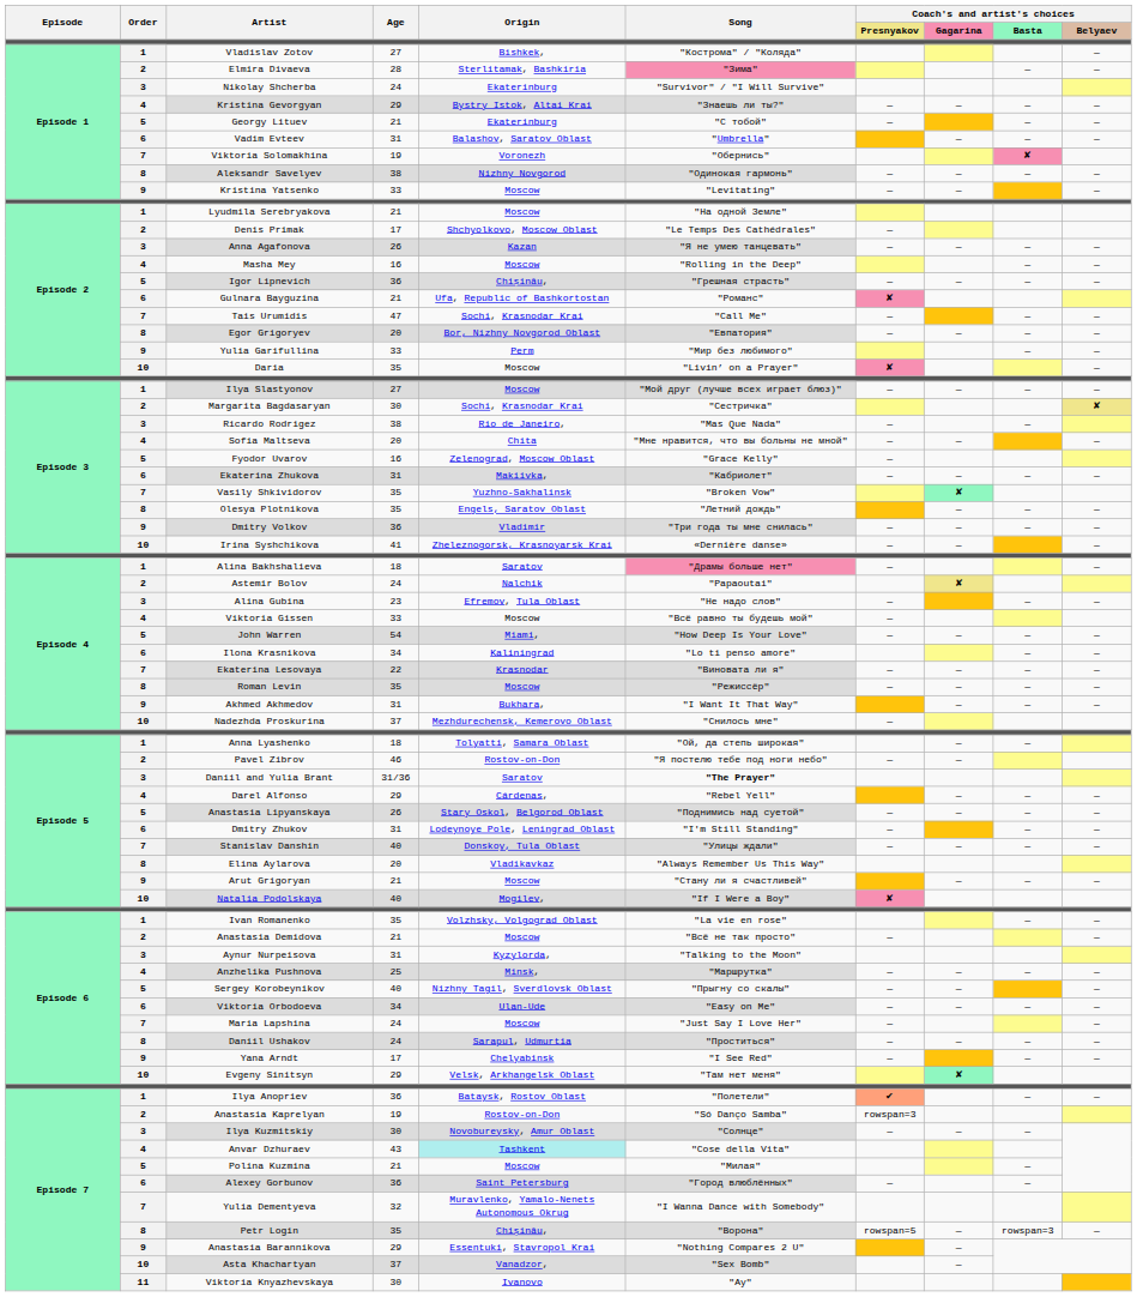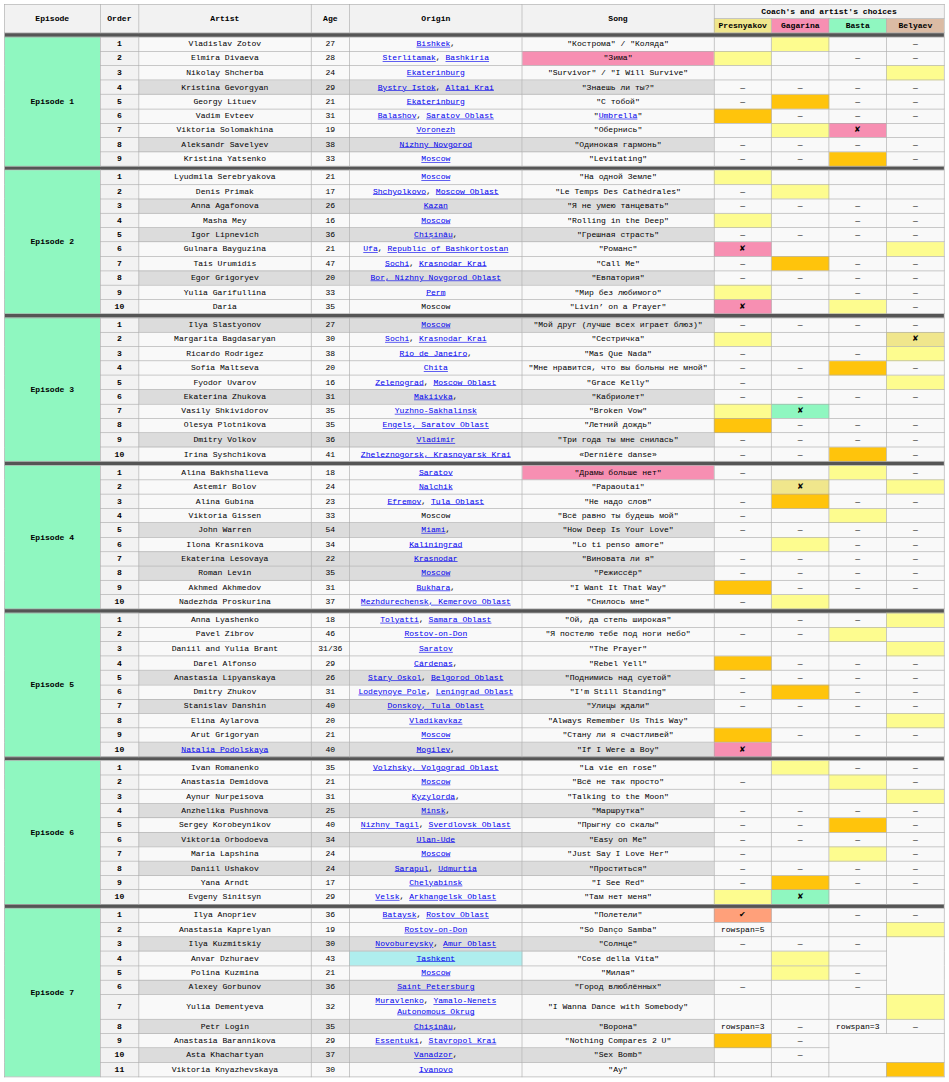 <table class="wikitable" style="text-align:center; line-height:17px; width:120%;">
 <tr>
 <th scope="col" rowspan=2 style="width:10%;">Episode</th>
 <th scope="col" rowspan=2 style="width:04%;">Order</th>
 <th scope="col" rowspan=2 style="width:18%;">Artist</th>
 <th scope="col" rowspan=2 style="width:04%;">Age</th>
 <th scope="col" rowspan=2 style="width:18%;">Origin</th>
 <th scope="col" rowspan=2 style="width:20%;">Song</th>
 <th scope="col" colspan=4 style="width:24%;">Coach's and artist's choices</th>
 </tr>
 <tr>
 <th style="background:khaki; width:6%">Presnyakov</th>
 <th style="background:#f78fb2; width:6%">Gagarina</th>
 <th style="background:#8ff7c0; width:6%">Basta</th>
 <th style="background:#dbbba4; width:6%">Belyaev</th>
 </tr>
 <tr>
 <td colspan="10" style="background:#555"></td>
 </tr>
 <tr>
 <td rowspan="9" style="background:#8ff7c0;"><strong>Episode 1</strong> <br></td>
 <th>1</th>
 <td>Vladislav Zotov</td>
 <td>27</td>
 <td><a href='#'>Bishkek</a>, </td>
 <td>"Кострома" / "Коляда"</td>
 <td><strong></strong></td>
 <td style="background:#fdfc8f;"><strong></strong></td>
 <td><strong></strong></td>
 <td>—</td>
 </tr>
 <tr>
 <th>2</th>
 <td>Elmira Divaeva</td>
 <td>28</td>
 <td><a href='#'>Sterlitamak</a>, <a href='#'>Bashkiria</a></td>
 <td style="background:#f78fb2;">"Зима"</td>
 <td style="background:#fdfc8f;"><strong></strong></td>
 <td><strong></strong></td>
 <td>—</td>
 <td>—</td>
 </tr>
 <tr>
 <th>3</th>
 <td>Nikolay Shcherba</td>
 <td>24</td>
 <td><a href='#'>Ekaterinburg</a></td>
 <td>"Survivor" / "I Will Survive"</td>
 <td><strong></strong></td>
 <td><strong></strong></td>
 <td><strong></strong></td>
 <td style="background:#fdfc8f;"><strong></strong></td>
 </tr>
 <tr>
 <th>4</th>
 <td style="background:#dcdcdc;">Kristina Gevorgyan</td>
 <td style="background:#dcdcdc;">29</td>
 <td style="background:#dcdcdc;"><a href='#'>Bystry Istok</a>, <a href='#'>Altai Krai</a></td>
 <td style="background:#dcdcdc;">"Знаешь ли ты?"</td>
 <td>—</td>
 <td>—</td>
 <td>—</td>
 <td>—</td>
 </tr>
 <tr>
 <th>5</th>
 <td>Georgy Lituev</td>
 <td>21</td>
 <td><a href='#'>Ekaterinburg</a></td>
 <td>"С тобой"</td>
 <td>—</td>
 <td style="background:#ffc40c;"><strong></strong></td>
 <td>—</td>
 <td>—</td>
 </tr>
 <tr>
 <th>6</th>
 <td>Vadim Evteev</td>
 <td>31</td>
 <td><a href='#'>Balashov</a>, <a href='#'>Saratov Oblast</a></td>
 <td>"<a href='#'>Umbrella</a>"</td>
 <td style="background:#ffc40c;"><strong></strong></td>
 <td>—</td>
 <td>—</td>
 <td>—</td>
 </tr>
 <tr>
 <th>7</th>
 <td>Viktoria Solomakhina</td>
 <td>19</td>
 <td><a href='#'>Voronezh</a></td>
 <td>"Обернись"</td>
 <td><strong></strong></td>
 <td style="background:#fdfc8f;"><strong></strong></td>
 <td bgcolor="#f78fb2">✘</td>
 <td><strong></strong></td>
 </tr>
 <tr>
 <th>8</th>
 <td style="background:#dcdcdc;">Aleksandr Savelyev</td>
 <td style="background:#dcdcdc;">38</td>
 <td style="background:#dcdcdc;"><a href='#'>Nizhny Novgorod</a></td>
 <td style="background:#dcdcdc;">"Одинокая гармонь"</td>
 <td>—</td>
 <td>—</td>
 <td>—</td>
 <td>—</td>
 </tr>
 <tr>
 <th>9</th>
 <td>Kristina Yatsenko</td>
 <td>33</td>
 <td><a href='#'>Moscow</a></td>
 <td>"Levitating"</td>
 <td>—</td>
 <td>—</td>
 <td style="background:#ffc40c;"><strong></strong></td>
 <td>—</td>
 </tr>
 <tr>
 <td colspan="10" style="background:#555"></td>
 </tr>
 <tr>
 <td rowspan=10 style="background:#8ff7c0;"><strong>Episode 2</strong> <br></td>
 <th>1</th>
 <td>Lyudmila Serebryakova</td>
 <td>21</td>
 <td><a href='#'>Moscow</a></td>
 <td>"На одной Земле"</td>
 <td style="background:#fdfc8f;"><strong></strong></td>
 <td><strong></strong></td>
 <td><strong></strong></td>
 <td><strong></strong></td>
 </tr>
 <tr>
 <th>2</th>
 <td>Denis Primak</td>
 <td>17</td>
 <td><a href='#'>Shchyolkovo</a>, <a href='#'>Moscow Oblast</a></td>
 <td>"Le Temps Des Cathédrales"</td>
 <td>—</td>
 <td style="background:#fdfc8f;"><strong></strong></td>
 <td><strong></strong></td>
 <td><strong></strong></td>
 </tr>
 <tr>
 <th>3</th>
 <td style="background:#dcdcdc;">Anna Agafonova</td>
 <td style="background:#dcdcdc;">26</td>
 <td style="background:#dcdcdc;"><a href='#'>Kazan</a></td>
 <td style="background:#dcdcdc;">"Я не умею танцевать"</td>
 <td>—</td>
 <td>—</td>
 <td>—</td>
 <td>—</td>
 </tr>
 <tr>
 <th>4</th>
 <td>Masha Mey</td>
 <td>16</td>
 <td><a href='#'>Moscow</a></td>
 <td>"Rolling in the Deep"</td>
 <td style="background:#fdfc8f;"><strong></strong></td>
 <td><strong></strong></td>
 <td>—</td>
 <td>—</td>
 </tr>
 <tr>
 <th>5</th>
 <td style="background:#dcdcdc;">Igor Lipnevich</td>
 <td style="background:#dcdcdc;">36</td>
 <td style="background:#dcdcdc;"><a href='#'>Chișinău</a>, </td>
 <td style="background:#dcdcdc;">"Грешная страсть"</td>
 <td>—</td>
 <td>—</td>
 <td>—</td>
 <td>—</td>
 </tr>
 <tr>
 <th>6</th>
 <td>Gulnara Bayguzina</td>
 <td>21</td>
 <td><a href='#'>Ufa</a>, <a href='#'>Republic of Bashkortostan</a></td>
 <td>"Романс"</td>
 <td bgcolor="#f78fb2">✘</td>
 <td><strong></strong></td>
 <td><strong></strong></td>
 <td style="background:#fdfc8f;"><strong></strong></td>
 </tr>
 <tr>
 <th>7</th>
 <td>Tais Urumidis</td>
 <td>47</td>
 <td><a href='#'>Sochi</a>, <a href='#'>Krasnodar Krai</a></td>
 <td>"Call Me"</td>
 <td>—</td>
 <td style="background:#ffc40c;"><strong></strong></td>
 <td>—</td>
 <td>—</td>
 </tr>
 <tr>
 <th>8</th>
 <td style="background:#dcdcdc;">Egor Grigoryev</td>
 <td style="background:#dcdcdc;">20</td>
 <td style="background:#dcdcdc;"><a href='#'>Bor, Nizhny Novgorod Oblast</a></td>
 <td style="background:#dcdcdc;">"Евпатория"</td>
 <td>—</td>
 <td>—</td>
 <td>—</td>
 <td>—</td>
 </tr>
 <tr>
 <th>9</th>
 <td>Yulia Garifullina</td>
 <td>33</td>
 <td><a href='#'>Perm</a></td>
 <td>"Мир без любимого"</td>
 <td style="background:#fdfc8f;"><strong></strong></td>
 <td><strong></strong></td>
 <td>—</td>
 <td>—</td>
 </tr>
 <tr>
 <th>10</th>
 <td>Daria</td>
 <td>35</td>
 <td>Moscow</td>
 <td>"Livin’ on a Prayer"</td>
 <td bgcolor="#f78fb2">✘</td>
 <td><strong></strong></td>
 <td style="background:#fdfc8f;"><strong></strong></td>
 <td>—</td>
 </tr>
 <tr>
 <td colspan="10" style="background:#555"></td>
 </tr>
 <tr>
 <td rowspan=10 style="background:#8ff7c0;"><strong>Episode 3</strong> <br></td>
 <th>1</th>
 <td style="background:#dcdcdc;">Ilya Slastyonov</td>
 <td style="background:#dcdcdc;">27</td>
 <td style="background:#dcdcdc;"><a href='#'>Moscow</a></td>
 <td style="background:#dcdcdc;">"Мой друг (лучше всех играет блюз)"</td>
 <td>—</td>
 <td>—</td>
 <td>—</td>
 <td>—</td>
 </tr>
 <tr>
 <th>2</th>
 <td>Margarita Bagdasaryan</td>
 <td>30</td>
 <td><a href='#'>Sochi</a>, <a href='#'>Krasnodar Krai</a></td>
 <td>"Сестричка"</td>
 <td style="background:#fdfc8f;"><strong></strong></td>
 <td><strong></strong></td>
 <td><strong></strong></td>
 <td bgcolor="khaki">✘</td>
 </tr>
 <tr>
 <th>3</th>
 <td>Ricardo Rodrigez</td>
 <td>38</td>
 <td><a href='#'>Rio de Janeiro</a>, </td>
 <td>"Mas Que Nada"</td>
 <td>—</td>
 <td><strong></strong></td>
 <td>—</td>
 <td style="background:#fdfc8f;"><strong></strong></td>
 </tr>
 <tr>
 <th>4</th>
 <td>Sofia Maltseva</td>
 <td>20</td>
 <td><a href='#'>Chita</a></td>
 <td>"Мне нравится, что вы больны не мной"</td>
 <td>—</td>
 <td>—</td>
 <td style="background:#ffc40c;"><strong></strong></td>
 <td>—</td>
 </tr>
 <tr>
 <th>5</th>
 <td>Fyodor Uvarov</td>
 <td>16</td>
 <td><a href='#'>Zelenograd</a>, <a href='#'>Moscow Oblast</a></td>
 <td>"Grace Kelly"</td>
 <td>—</td>
 <td><strong></strong></td>
 <td><strong></strong></td>
 <td style="background:#fdfc8f;"><strong></strong></td>
 </tr>
 <tr>
 <th>6</th>
 <td style="background:#dcdcdc;">Ekaterina Zhukova</td>
 <td style="background:#dcdcdc;">31</td>
 <td style="background:#dcdcdc;"><a href='#'>Makiivka</a>, </td>
 <td style="background:#dcdcdc;">"Кабриолет"</td>
 <td>—</td>
 <td>—</td>
 <td>—</td>
 <td>—</td>
 </tr>
 <tr>
 <th>7</th>
 <td>Vasily Shkividorov</td>
 <td>35</td>
 <td><a href='#'>Yuzhno-Sakhalinsk</a></td>
 <td>"Broken Vow"</td>
 <td style="background:#fdfc8f;"><strong></strong></td>
 <td bgcolor="#8ff7c0">✘</td>
 <td><strong></strong></td>
 <td><strong></strong></td>
 </tr>
 <tr>
 <th>8</th>
 <td>Olesya Plotnikova</td>
 <td>35</td>
 <td><a href='#'>Engels, Saratov Oblast</a></td>
 <td>"Летний дождь"</td>
 <td style="background:#ffc40c;"><strong></strong></td>
 <td>—</td>
 <td>—</td>
 <td>—</td>
 </tr>
 <tr>
 <th>9</th>
 <td style="background:#dcdcdc;">Dmitry Volkov</td>
 <td style="background:#dcdcdc;">36</td>
 <td style="background:#dcdcdc;"><a href='#'>Vladimir</a></td>
 <td style="background:#dcdcdc;">"Три года ты мне снилась"</td>
 <td>—</td>
 <td>—</td>
 <td>—</td>
 <td>—</td>
 </tr>
 <tr>
 <th>10</th>
 <td>Irina Syshchikova</td>
 <td>41</td>
 <td><a href='#'>Zheleznogorsk, Krasnoyarsk Krai</a></td>
 <td>«Dernière danse»</td>
 <td>—</td>
 <td>—</td>
 <td style="background:#ffc40c;"><strong></strong></td>
 <td>—</td>
 </tr>
 <tr>
 <td colspan="10" style="background:#555"></td>
 </tr>
 <tr>
 <td rowspan=10 style="background:#8ff7c0;"><strong>Episode 4</strong> <br></td>
 <th>1</th>
 <td>Alina Bakhshalieva</td>
 <td>18</td>
 <td><a href='#'>Saratov</a></td>
 <td style="background:#f78fb2;">"Драмы больше нет"</td>
 <td>—</td>
 <td><strong></strong></td>
 <td style="background:#fdfc8f;"><strong></strong></td>
 <td>—</td>
 </tr>
 <tr>
 <th>2</th>
 <td>Astemir Bolov</td>
 <td>24</td>
 <td><a href='#'>Nalchik</a></td>
 <td>"Papaoutai"</td>
 <td><strong></strong></td>
 <td bgcolor="khaki">✘</td>
 <td><strong></strong></td>
 <td style="background:#fdfc8f;"><strong></strong></td>
 </tr>
 <tr>
 <th>3</th>
 <td>Alina Gubina</td>
 <td>23</td>
 <td><a href='#'>Efremov</a>, <a href='#'>Tula Oblast</a></td>
 <td>"Не надо слов"</td>
 <td>—</td>
 <td style="background:#ffc40c;"><strong></strong></td>
 <td>—</td>
 <td>—</td>
 </tr>
 <tr>
 <th>4</th>
 <td>Viktoria Gissen</td>
 <td>33</td>
 <td>Moscow</td>
 <td>"Всё равно ты будешь мой"</td>
 <td>—</td>
 <td><strong></strong></td>
 <td style="background:#fdfc8f;"><strong></strong></td>
 <td><strong></strong></td>
 </tr>
 <tr>
 <th>5</th>
 <td style="background:#dcdcdc;">John Warren</td>
 <td style="background:#dcdcdc;">54</td>
 <td style="background:#dcdcdc;"><a href='#'>Miami</a>, </td>
 <td style="background:#dcdcdc;">"How Deep Is Your Love"</td>
 <td>—</td>
 <td>—</td>
 <td>—</td>
 <td>—</td>
 </tr>
 <tr>
 <th>6</th>
 <td>Ilona Krasnikova</td>
 <td>34</td>
 <td><a href='#'>Kaliningrad</a></td>
 <td>"Lo ti penso amore"</td>
 <td><strong></strong></td>
 <td style="background:#fdfc8f;"><strong></strong></td>
 <td>—</td>
 <td>—</td>
 </tr>
 <tr>
 <th>7</th>
 <td style="background:#dcdcdc;">Ekaterina Lesovaya</td>
 <td style="background:#dcdcdc;">22</td>
 <td style="background:#dcdcdc;"><a href='#'>Krasnodar</a></td>
 <td style="background:#dcdcdc;">"Виновата ли я"</td>
 <td>—</td>
 <td>—</td>
 <td>—</td>
 <td>—</td>
 </tr>
 <tr>
 <th>8</th>
 <td style="background:#dcdcdc;">Roman Levin</td>
 <td style="background:#dcdcdc;">35</td>
 <td style="background:#dcdcdc;"><a href='#'>Moscow</a></td>
 <td style="background:#dcdcdc;">"Режиссёр"</td>
 <td>—</td>
 <td>—</td>
 <td>—</td>
 <td>—</td>
 </tr>
 <tr>
 <th>9</th>
 <td>Akhmed Akhmedov</td>
 <td>31</td>
 <td><a href='#'>Bukhara</a>, </td>
 <td>"I Want It That Way"</td>
 <td style="background:#ffc40c;"><strong></strong></td>
 <td>—</td>
 <td>—</td>
 <td>—</td>
 </tr>
 <tr>
 <th>10</th>
 <td>Nadezhda Proskurina</td>
 <td>37</td>
 <td><a href='#'>Mezhdurechensk, Kemerovo Oblast</a></td>
 <td>"Снилось мне"</td>
 <td>—</td>
 <td style="background:#fdfc8f;"><strong></strong></td>
 <td><strong></strong></td>
 <td><strong></strong></td>
 </tr>
 <tr>
 <td colspan="10" style="background:#555"></td>
 </tr>
 <tr>
 <td rowspan=10 style="background:#8ff7c0;"><strong>Episode 5</strong> <br></td>
 <th>1</th>
 <td>Anna Lyashenko</td>
 <td>18</td>
 <td><a href='#'>Tolyatti</a>, <a href='#'>Samara Oblast</a></td>
 <td>"Ой, да степь широкая"</td>
 <td><strong></strong></td>
 <td>—</td>
 <td>—</td>
 <td style="background:#fdfc8f;"><strong></strong></td>
 </tr>
 <tr>
 <th>2</th>
 <td>Pavel Zibrov</td>
 <td>46</td>
 <td><a href='#'>Rostov-on-Don</a></td>
 <td>"Я постелю тебе под ноги небо"</td>
 <td>—</td>
 <td>—</td>
 <td style="background:#fdfc8f;"><strong></strong></td>
 <td><strong></strong></td>
 </tr>
 <tr>
 <th>3</th>
 <td>Daniil and Yulia Brant</td>
 <td>31/36</td>
 <td><a href='#'>Saratov</a></td>
-<td><strong>"The Prayer"</strong></td>
+<td>"The Prayer"</td>
 <td><strong></strong></td>
 <td><strong></strong></td>
 <td><strong></strong></td>
 <td style="background:#fdfc8f;"><strong></strong></td>
 </tr>
 <tr>
 <th>4</th>
 <td>Darel Alfonso</td>
 <td>29</td>
 <td><a href='#'>Cárdenas</a>, </td>
 <td>"Rebel Yell"</td>
 <td style="background:#ffc40c;"><strong></strong></td>
 <td>—</td>
 <td>—</td>
 <td>—</td>
 </tr>
 <tr>
 <th>5</th>
 <td style="background:#dcdcdc;">Anastasia Lipyanskaya</td>
 <td style="background:#dcdcdc;">26</td>
 <td style="background:#dcdcdc;"><a href='#'>Stary Oskol</a>, <a href='#'>Belgorod Oblast</a></td>
 <td style="background:#dcdcdc;">"Поднимись над суетой"</td>
 <td>—</td>
 <td>—</td>
 <td>—</td>
 <td>—</td>
 </tr>
 <tr>
 <th>6</th>
 <td>Dmitry Zhukov</td>
 <td>31</td>
 <td><a href='#'>Lodeynoye Pole</a>, <a href='#'>Leningrad Oblast</a></td>
 <td>"I'm Still Standing"</td>
 <td>—</td>
 <td style="background:#ffc40c;"><strong></strong></td>
 <td>—</td>
 <td>—</td>
 </tr>
 <tr>
 <th>7</th>
 <td style="background:#dcdcdc;">Stanislav Danshin</td>
 <td style="background:#dcdcdc;">40</td>
 <td style="background:#dcdcdc;"><a href='#'>Donskoy, Tula Oblast</a></td>
 <td style="background:#dcdcdc;">"Улицы ждали"</td>
 <td>—</td>
 <td>—</td>
 <td>—</td>
 <td>—</td>
 </tr>
 <tr>
 <th>8</th>
 <td>Elina Aylarova</td>
 <td>20</td>
 <td><a href='#'>Vladikavkaz</a></td>
 <td>"Always Remember Us This Way"</td>
 <td><strong></strong></td>
 <td><strong></strong></td>
 <td><strong></strong></td>
 <td style="background:#fdfc8f;"><strong></strong></td>
 </tr>
 <tr>
 <th>9</th>
 <td>Arut Grigoryan</td>
 <td>21</td>
 <td><a href='#'>Moscow</a></td>
 <td>"Стану ли я счастливей"</td>
 <td style="background:#ffc40c;"><strong></strong></td>
 <td>—</td>
 <td>—</td>
 <td>—</td>
 </tr>
 <tr>
 <th>10</th>
 <td style="background:#dcdcdc;"><a href='#'>Natalia Podolskaya</a></td>
 <td style="background:#dcdcdc;">40</td>
 <td style="background:#dcdcdc;"><a href='#'>Mogilev</a>, </td>
 <td style="background:#dcdcdc;">"If I Were a Boy"</td>
 <td bgcolor="#f78fb2">✘</td>
 <td><strong></strong></td>
 <td><strong></strong></td>
 <td><strong></strong></td>
 </tr>
 <tr>
 <td colspan="10" style="background:#555"></td>
 </tr>
 <tr>
 <td rowspan=10 style="background:#8ff7c0;"><strong>Episode 6</strong> <br></td>
 <th>1</th>
 <td>Ivan Romanenko</td>
 <td>35</td>
 <td><a href='#'>Volzhsky, Volgograd Oblast</a></td>
 <td>"La vie en rose"</td>
 <td><strong></strong></td>
 <td style="background:#fdfc8f;"><strong></strong></td>
 <td>—</td>
 <td>—</td>
 </tr>
 <tr>
 <th>2</th>
 <td>Anastasia Demidova</td>
 <td>21</td>
 <td><a href='#'>Moscow</a></td>
 <td>"Всё не так просто"</td>
 <td>—</td>
 <td><strong></strong></td>
 <td style="background:#fdfc8f;"><strong></strong></td>
 <td>—</td>
 </tr>
 <tr>
 <th>3</th>
 <td>Aynur Nurpeisova</td>
 <td>31</td>
 <td><a href='#'>Kyzylorda</a>, </td>
 <td>"Talking to the Moon"</td>
 <td><strong></strong></td>
 <td><strong></strong></td>
 <td><strong></strong></td>
 <td style="background:#fdfc8f;"><strong></strong></td>
 </tr>
 <tr>
 <th>4</th>
 <td style="background:#dcdcdc;">Anzhelika Pushnova</td>
 <td style="background:#dcdcdc;">25</td>
 <td style="background:#dcdcdc;"><a href='#'>Minsk</a>, </td>
 <td style="background:#dcdcdc;">"Маршрутка"</td>
 <td>—</td>
 <td>—</td>
 <td>—</td>
 <td>—</td>
 </tr>
 <tr>
 <th>5</th>
 <td>Sergey Korobeynikov</td>
 <td>40</td>
 <td><a href='#'>Nizhny Tagil</a>, <a href='#'>Sverdlovsk Oblast</a></td>
 <td>"Прыгну со скалы"</td>
 <td>—</td>
 <td>—</td>
 <td style="background:#ffc40c;"><strong></strong></td>
 <td>—</td>
 </tr>
 <tr>
 <th>6</th>
 <td style="background:#dcdcdc;">Viktoria Orbodoeva</td>
 <td style="background:#dcdcdc;">34</td>
 <td style="background:#dcdcdc;"><a href='#'>Ulan-Ude</a></td>
 <td style="background:#dcdcdc;">"Easy on Me"</td>
 <td>—</td>
 <td>—</td>
 <td>—</td>
 <td>—</td>
 </tr>
 <tr>
 <th>7</th>
 <td>Maria Lapshina</td>
 <td>24</td>
 <td><a href='#'>Moscow</a></td>
 <td>"Just Say I Love Her"</td>
 <td>—</td>
 <td><strong></strong></td>
 <td style="background:#fdfc8f;"><strong></strong></td>
 <td>—</td>
 </tr>
 <tr>
 <th>8</th>
 <td style="background:#dcdcdc;">Daniil Ushakov</td>
 <td style="background:#dcdcdc;">24</td>
 <td style="background:#dcdcdc;"><a href='#'>Sarapul</a>, <a href='#'>Udmurtia</a></td>
 <td style="background:#dcdcdc;">"Проститься"</td>
 <td>—</td>
 <td>—</td>
 <td>—</td>
 <td>—</td>
 </tr>
 <tr>
 <th>9</th>
 <td>Yana Arndt</td>
 <td>17</td>
 <td><a href='#'>Chelyabinsk</a></td>
 <td>"I See Red"</td>
 <td>—</td>
 <td style="background:#ffc40c;"><strong></strong></td>
 <td>—</td>
 <td>—</td>
 </tr>
 <tr>
 <th>10</th>
 <td>Evgeny Sinitsyn</td>
 <td>29</td>
 <td><a href='#'>Velsk</a>, <a href='#'>Arkhangelsk Oblast</a></td>
 <td>"Там нет меня"</td>
 <td style="background:#fdfc8f;"><strong></strong></td>
 <td bgcolor="#8ff7c0">✘</td>
 <td><strong></strong></td>
 <td><strong></strong></td>
 </tr>
 <tr>
 <td colspan="10" style="background:#555"></td>
 </tr>
 <tr>
 <td rowspan=11 style="background:#8ff7c0;"><strong>Episode 7</strong> <br></td>
 <th>1</th>
 <td>Ilya Anopriev</td>
 <td>36</td>
 <td><a href='#'>Bataysk</a>, <a href='#'>Rostov Oblast</a></td>
 <td>"Полетели"</td>
 <td style="background-color:lightsalmon;">✔</td>
 <td><strong></strong></td>
 <td>—</td>
 <td>—</td>
 </tr>
 <tr>
 <th>2</th>
 <td>Anastasia Kaprelyan</td>
 <td>19</td>
 <td><a href='#'>Rostov-on-Don</a></td>
 <td>"Só Danço Samba"</td>
-<td>rowspan=3 </td>
+<td>rowspan=5 </td>
 <td><strong></strong></td>
 <td><strong></strong></td>
 <td style="background:#fdfc8f;"><strong></strong></td>
 </tr>
 <tr>
 <th>3</th>
 <td style="background:#dcdcdc;">Ilya Kuzmitskiy</td>
 <td style="background:#dcdcdc;">30</td>
 <td style="background:#dcdcdc;"><a href='#'>Novobureysky</a>, <a href='#'>Amur Oblast</a></td>
 <td style="background:#dcdcdc;">"Солнце"</td>
 <td>—</td>
 <td>—</td>
 <td>—</td>
 </tr>
 <tr>
 <th>4</th>
 <td>Anvar Dzhuraev</td>
 <td>43</td>
 <td style="background: paleturquoise;"><a href='#'>Tashkent</a> </td>
 <td>"Cose della Vita"</td>
 <td><strong></strong></td>
 <td style="background:#fdfc8f;"><strong></strong></td>
 <td><strong></strong></td>
 </tr>
 <tr>
 <th>5</th>
 <td>Polina Kuzmina</td>
 <td>21</td>
 <td><a href='#'>Moscow</a></td>
 <td>"Милая"</td>
 <td><strong></strong></td>
 <td style="background:#fdfc8f;"><strong></strong></td>
 <td>—</td>
 </tr>
 <tr>
 <th>6</th>
 <td style="background:#dcdcdc;">Alexey Gorbunov</td>
 <td style="background:#dcdcdc;">36</td>
 <td style="background:#dcdcdc;"><a href='#'>Saint Petersburg</a></td>
 <td style="background:#dcdcdc;">"Город влюблённых"</td>
 <td>—</td>
 <td></td>
 <td>—</td>
 </tr>
 <tr>
 <th>7</th>
 <td>Yulia Dementyeva</td>
 <td>32</td>
 <td><a href='#'>Muravlenko</a>, <a href='#'>Yamalo-Nenets Autonomous Okrug</a></td>
 <td>"I Wanna Dance with Somebody"</td>
 <td><strong></strong></td>
 <td><strong></strong></td>
 <td><strong></strong></td>
 <td style="background:#fdfc8f;"><strong></strong></td>
 </tr>
 <tr>
 <th>8</th>
 <td style="background:#dcdcdc;">Petr Login</td>
 <td style="background:#dcdcdc;">35</td>
 <td style="background:#dcdcdc;"><a href='#'>Chișinău</a>, </td>
 <td style="background:#dcdcdc;">"Ворона"</td>
-<td>rowspan=5 </td>
+<td>rowspan=3 </td>
 <td>—</td>
 <td>rowspan=3 </td>
 <td>—</td>
 </tr>
 <tr>
 <th>9</th>
 <td>Anastasia Barannikova</td>
 <td>29</td>
 <td><a href='#'>Essentuki</a>, <a href='#'>Stavropol Krai</a></td>
 <td>"Nothing Compares 2 U"</td>
 <td style="background:#ffc40c;"><strong></strong></td>
 <td>—</td>
 </tr>
 <tr>
 <th>10</th>
 <td style="background:#dcdcdc;">Asta Khachartyan</td>
 <td style="background:#dcdcdc;">37</td>
 <td style="background:#dcdcdc;"><a href='#'>Vanadzor</a>, </td>
 <td style="background:#dcdcdc;">"Sex Bomb"</td>
 <td></td>
 <td>—</td>
 </tr>
 <tr>
 <th>11</th>
 <td>Viktoria Knyazhevskaya</td>
 <td>30</td>
 <td><a href='#'>Ivanovo</a></td>
 <td>"Ау"</td>
 <td><strong></strong></td>
 <td><strong></strong></td>
 <td><strong></strong></td>
 <td style="background:#ffc40c;"><strong></strong></td>
 </tr>
 </table>
